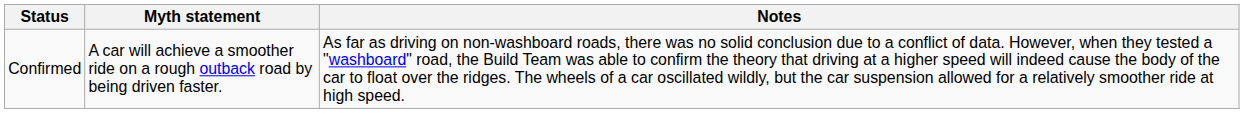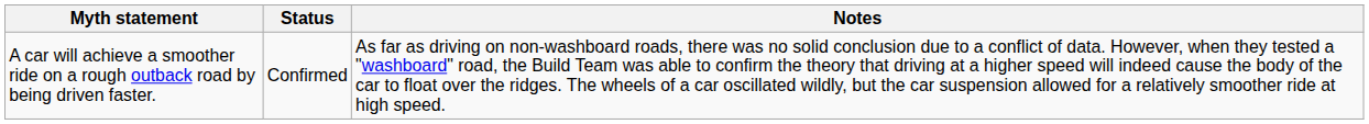 <table class="wikitable plainrowheaders">
 <tr>
+<th>Myth statement</th>
 <th>Status</th>
-<th>Myth statement</th>
 <th>Notes</th>
 </tr>
 <tr>
+<td>A car will achieve a smoother ride on a rough <a href='#'>outback</a> road by being driven faster.</td>
 <td><span>Confirmed</span></td>
-<td>A car will achieve a smoother ride on a rough <a href='#'>outback</a> road by being driven faster.</td>
 <td>As far as driving on non-washboard roads, there was no solid conclusion due to a conflict of data. However, when they tested a "<a href='#'>washboard</a>" road, the Build Team was able to confirm the theory that driving at a higher speed will indeed cause the body of the car to float over the ridges. The wheels of a car oscillated wildly, but the car suspension allowed for a relatively smoother ride at high speed.</td>
 </tr>
 </table>
